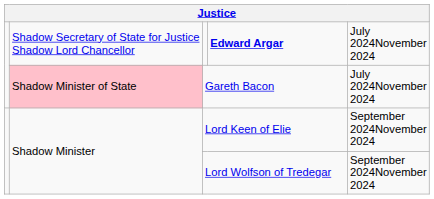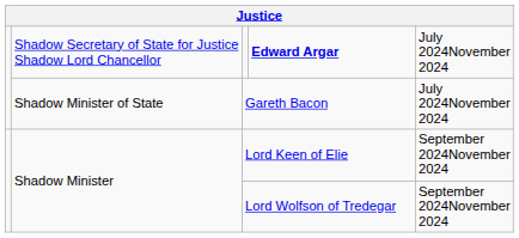 <table class="wikitable">
 <tr>
 <th colspan="5"><a href='#'>Justice</a></th>
 </tr>
 <tr>
 <td rowspan="2" style="background: "></td>
 <td style="width: 450px;"><a href='#'>Shadow Secretary of State for Justice</a><br><a href='#'>Shadow Lord Chancellor</a></td>
 <td style="background: "></td>
 <td style="width: 320px;"><strong><a href='#'>Edward Argar</a></strong></td>
 <td>July 2024November 2024</td>
 </tr>
 <tr>
-<td style="background: pink;">Shadow Minister of State</td>
+<td>Shadow Minister of State</td>
 <td colspan="2"><a href='#'>Gareth Bacon</a><br></td>
 <td>July 2024November 2024</td>
 </tr>
 <tr>
 <td rowspan="2" style="background: "></td>
 <td rowspan="2">Shadow Minister</td>
 <td colspan="2"><a href='#'>Lord Keen of Elie</a></td>
 <td>September 2024November 2024</td>
 </tr>
 <tr>
 <td colspan="2"><a href='#'>Lord Wolfson of Tredegar</a></td>
 <td>September 2024November 2024</td>
 </tr>
 </table>
